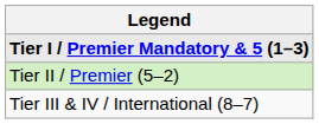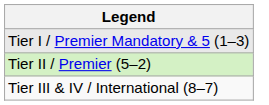 <table class="wikitable" style=font-size:90%>
 <tr>
 <th><strong>Legend</strong></th>
 </tr>
 <tr>
-<td bgcolor=e9e9e9><strong>Tier I / <a href='#'>Premier Mandatory & 5</a> (1–3)</strong></td>
+<td bgcolor=e9e9e9>Tier I / <a href='#'>Premier Mandatory & 5</a> (1–3)</td>
 </tr>
 <tr>
 <td bgcolor=d4f1c5>Tier II / <a href='#'>Premier</a> (5–2)</td>
 </tr>
 <tr>
 <td>Tier III & IV / International (8–7)</td>
 </tr>
 </table>
